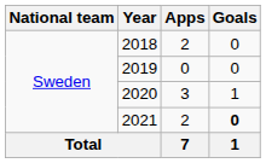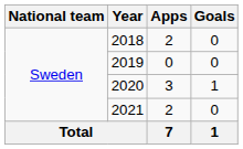 <table class="wikitable" style="text-align:center">
 <tr>
 <th>National team</th>
 <th>Year</th>
 <th>Apps</th>
 <th>Goals</th>
 </tr>
 <tr>
 <td rowspan="4"><a href='#'>Sweden</a></td>
 <td>2018</td>
 <td>2</td>
 <td>0</td>
 </tr>
 <tr>
 <td>2019</td>
 <td>0</td>
 <td>0</td>
 </tr>
 <tr>
 <td>2020</td>
 <td>3</td>
 <td>1</td>
 </tr>
 <tr>
 <td>2021</td>
 <td>2</td>
-<td><strong>0</strong></td>
+<td>0</td>
 </tr>
 <tr>
 <th colspan="2">Total</th>
 <th>7</th>
 <th>1</th>
 </tr>
 </table>
